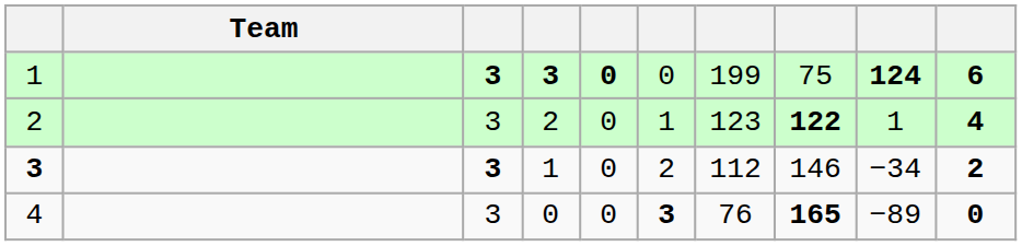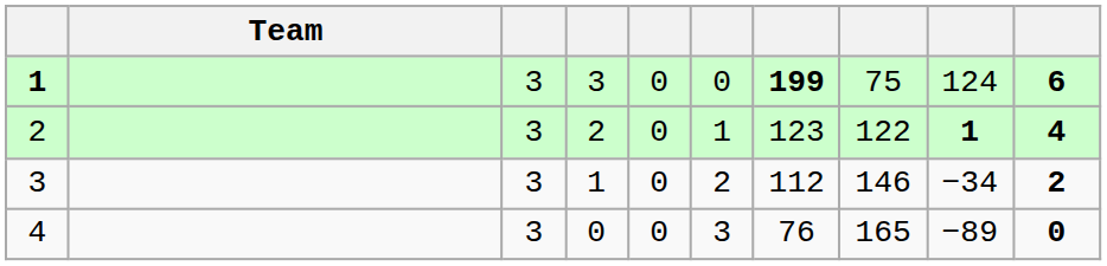 <table class=wikitable style=text-align:center>
 <tr>
 <th width=20 abbr=Position></th>
 <th width=175>Team</th>
 <th width=20 abbr=Played></th>
 <th width=20 abbr=Won></th>
 <th width=20 abbr=Drawn></th>
 <th width=20 abbr=Lost></th>
 <th width=30 abbr=Goal For></th>
 <th width=30 abbr=Goal Against></th>
 <th width=30 abbr=Goal Difference></th>
 <th width=30 abbr=Points></th>
 </tr>
 <tr bgcolor=#CCFFCC>
-<td>1 </td>
+<td><strong>1 </strong></td>
 <td align=left></td>
-<td><strong>3</strong></td>
-<td><strong>3</strong></td>
-<td><strong>0</strong></td>
+<td>3</td>
+<td>3</td>
 <td>0</td>
-<td>199</td>
+<td>0</td>
+<td><strong>199</strong></td>
 <td>75</td>
-<td><strong>124</strong></td>
+<td>124</td>
 <td><strong>6</strong></td>
 </tr>
 <tr bgcolor=#CCFFCC>
 <td>2 </td>
 <td align=left></td>
 <td>3</td>
 <td>2</td>
 <td>0</td>
 <td>1</td>
 <td>123</td>
-<td><strong>122</strong></td>
-<td>1</td>
+<td>122</td>
+<td><strong>1</strong></td>
 <td><strong>4</strong></td>
 </tr>
 <tr>
-<td><strong>3 </strong></td>
+<td>3 </td>
 <td align=left></td>
-<td><strong>3</strong></td>
+<td>3</td>
 <td>1</td>
 <td>0</td>
 <td>2</td>
 <td>112</td>
 <td>146</td>
 <td>−34</td>
 <td><strong>2</strong></td>
 </tr>
 <tr>
 <td>4 </td>
 <td align=left></td>
 <td>3</td>
 <td>0</td>
 <td>0</td>
-<td><strong>3</strong></td>
+<td>3</td>
 <td>76</td>
-<td><strong>165</strong></td>
+<td>165</td>
 <td>−89</td>
 <td><strong>0</strong></td>
 </tr>
 </table>
